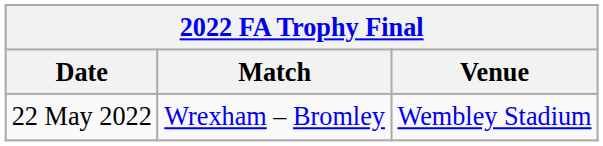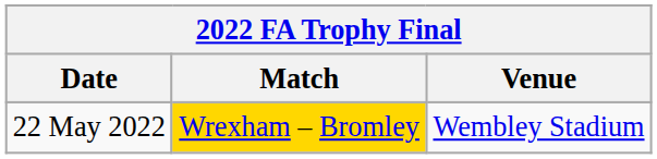 <table class="wikitable" style="margin:1em auto 1em auto; text-align:center; font-size:small;">
 <tr>
 <th colspan="3"><a href='#'>2022 FA Trophy Final</a></th>
 </tr>
 <tr>
 <th>Date</th>
 <th>Match</th>
 <th>Venue</th>
 </tr>
 <tr>
 <td>22 May 2022</td>
-<td><a href='#'>Wrexham</a> – <a href='#'>Bromley</a></td>
+<td style="background: gold;"><a href='#'>Wrexham</a> – <a href='#'>Bromley</a></td>
 <td><a href='#'>Wembley Stadium</a></td>
 </tr>
 </table>
